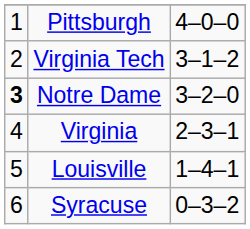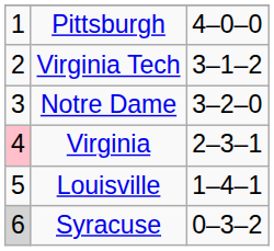 <table class="wikitable" style="display: inline-table;">
 <tr align="center">
 </tr>
 <tr align="center">
 <td>1</td>
 <td><a href='#'>Pittsburgh</a></td>
 <td>4–0–0</td>
 </tr>
 <tr align="center">
 <td>2</td>
 <td><a href='#'>Virginia Tech</a></td>
 <td>3–1–2</td>
 </tr>
 <tr align="center">
-<td><strong>3</strong></td>
+<td>3</td>
 <td><a href='#'>Notre Dame</a></td>
 <td>3–2–0</td>
 </tr>
 <tr align="center">
-<td>4</td>
+<td style="background: pink;">4</td>
 <td><a href='#'>Virginia</a></td>
 <td>2–3–1</td>
 </tr>
 <tr align="center">
 <td>5</td>
 <td><a href='#'>Louisville</a></td>
 <td>1–4–1</td>
 </tr>
 <tr align="center">
-<td>6</td>
+<td style="background: lightgrey;">6</td>
 <td><a href='#'>Syracuse</a></td>
 <td>0–3–2</td>
 </tr>
 </table>
